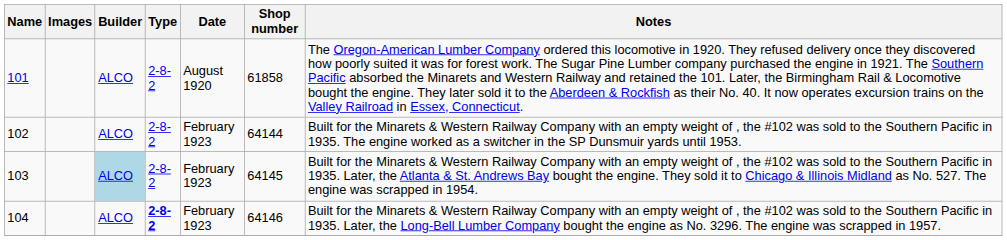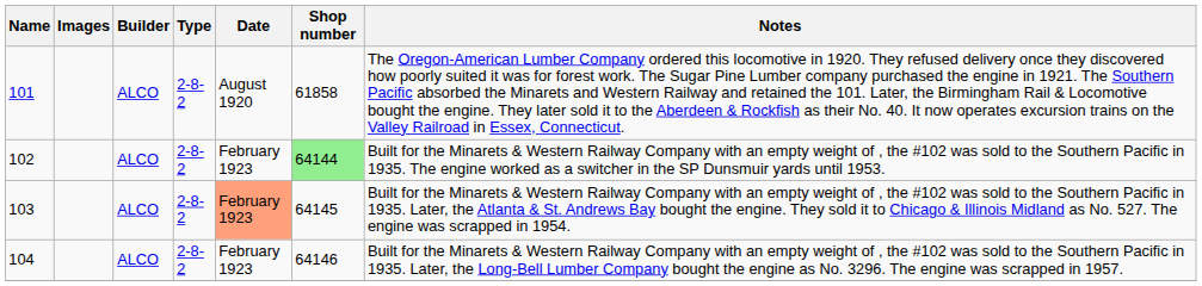 <table class="wikitable">
 <tr>
 <th>Name</th>
 <th>Images</th>
 <th>Builder</th>
 <th>Type</th>
 <th>Date</th>
 <th>Shop number</th>
 <th>Notes</th>
 </tr>
 <tr>
 <td><a href='#'>101</a></td>
 <td></td>
 <td><a href='#'>ALCO</a></td>
 <td><a href='#'>2-8-2</a></td>
 <td>August 1920</td>
 <td>61858</td>
 <td>The <a href='#'>Oregon-American Lumber Company</a> ordered this locomotive in 1920. They refused delivery once they discovered how poorly suited it was for forest work. The Sugar Pine Lumber company purchased the engine in 1921. The <a href='#'>Southern Pacific</a> absorbed the Minarets and Western Railway and retained the 101. Later, the Birmingham Rail & Locomotive bought the engine. They later sold it to the <a href='#'>Aberdeen & Rockfish</a> as their No. 40. It now operates excursion trains on the <a href='#'>Valley Railroad</a> in <a href='#'>Essex, Connecticut</a>.</td>
 </tr>
 <tr>
 <td>102</td>
 <td></td>
 <td><a href='#'>ALCO</a></td>
 <td><a href='#'>2-8-2</a></td>
 <td>February 1923</td>
-<td>64144</td>
+<td style="background: lightgreen;">64144</td>
 <td>Built for the Minarets & Western Railway Company with an empty weight of , the #102 was sold to the Southern Pacific in 1935. The engine worked as a switcher in the SP Dunsmuir yards until 1953.</td>
 </tr>
 <tr>
 <td>103</td>
 <td></td>
-<td style="background: lightblue;"><a href='#'>ALCO</a></td>
+<td><a href='#'>ALCO</a></td>
 <td><a href='#'>2-8-2</a></td>
-<td>February 1923</td>
+<td style="background: lightsalmon;">February 1923</td>
 <td>64145</td>
 <td>Built for the Minarets & Western Railway Company with an empty weight of , the #102 was sold to the Southern Pacific in 1935.  Later, the <a href='#'>Atlanta & St. Andrews Bay</a> bought the engine. They sold it to <a href='#'>Chicago & Illinois Midland</a> as No. 527. The engine was scrapped in 1954.</td>
 </tr>
 <tr>
 <td>104</td>
 <td></td>
 <td><a href='#'>ALCO</a></td>
-<td><strong><a href='#'>2-8-2</a></strong></td>
+<td><a href='#'>2-8-2</a></td>
 <td>February 1923</td>
 <td>64146</td>
 <td>Built for the Minarets & Western Railway Company with an empty weight of , the #102 was sold to the Southern Pacific in 1935.  Later, the <a href='#'>Long-Bell Lumber Company</a> bought the engine as No. 3296. The engine was scrapped in 1957.</td>
 </tr>
 <tr>
 </tr>
 </table>
